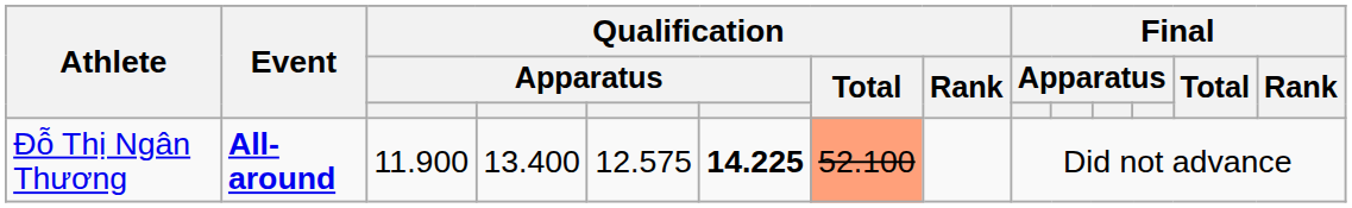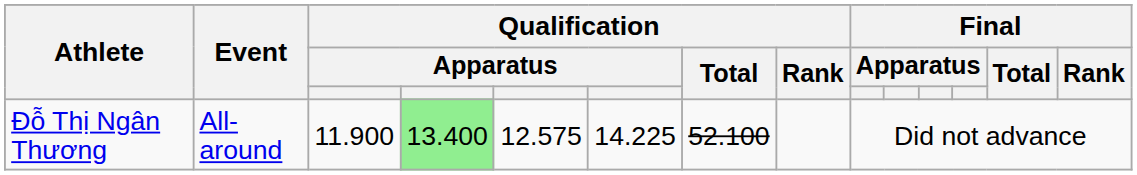 <table class="wikitable" style="font-size:90%">
 <tr>
 <th rowspan="3">Athlete</th>
 <th rowspan="3">Event</th>
 <th colspan=6>Qualification</th>
 <th colspan=6>Final</th>
 </tr>
 <tr style="font-size:95%">
 <th colspan=4>Apparatus</th>
 <th rowspan=2>Total</th>
 <th rowspan=2>Rank</th>
 <th colspan=4>Apparatus</th>
 <th rowspan=2>Total</th>
 <th rowspan=2>Rank</th>
 </tr>
 <tr style="font-size:95%">
 <th></th>
 <th></th>
 <th></th>
 <th></th>
 <th></th>
 <th></th>
 <th></th>
 <th></th>
 </tr>
 <tr align=center>
 <td align=left><a href='#'>Đỗ Thị Ngân Thương</a></td>
-<td align=left><strong><a href='#'>All-around</a></strong></td>
+<td align=left><a href='#'>All-around</a></td>
 <td>11.900</td>
-<td>13.400</td>
+<td style="background: lightgreen;">13.400</td>
 <td>12.575</td>
-<td><strong>14.225</strong></td>
-<td style="background: lightsalmon;"><s>52.100</s></td>
+<td>14.225</td>
+<td><s>52.100</s></td>
 <td></td>
 <td colspan=6>Did not advance</td>
 </tr>
 </table>
